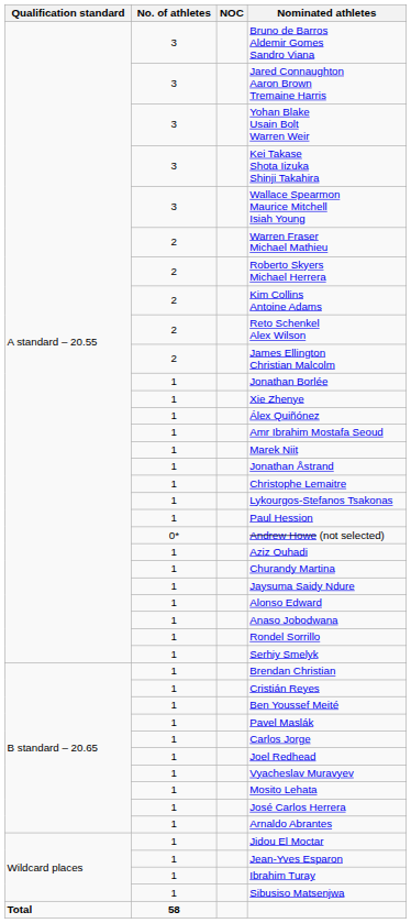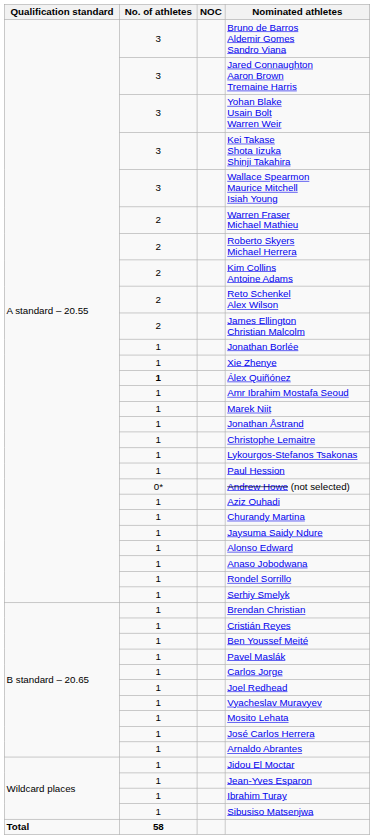 <table class="wikitable"  style="text-align:left; width:600px;">
 <tr>
 <th>Qualification standard</th>
 <th>No. of athletes</th>
 <th>NOC</th>
 <th>Nominated athletes</th>
 </tr>
 <tr>
 <td rowspan="27">A standard – 20.55</td>
 <td align=center>3</td>
 <td></td>
 <td><a href='#'>Bruno de Barros</a><br><a href='#'>Aldemir Gomes</a><br><a href='#'>Sandro Viana</a></td>
 </tr>
 <tr>
 <td align=center>3</td>
 <td></td>
 <td><a href='#'>Jared Connaughton</a><br><a href='#'>Aaron Brown</a><br><a href='#'>Tremaine Harris</a></td>
 </tr>
 <tr>
 <td align=center>3</td>
 <td></td>
 <td><a href='#'>Yohan Blake</a><br><a href='#'>Usain Bolt</a><br><a href='#'>Warren Weir</a></td>
 </tr>
 <tr>
 <td align=center>3</td>
 <td></td>
 <td><a href='#'>Kei Takase</a><br><a href='#'>Shota Iizuka</a><br><a href='#'>Shinji Takahira</a></td>
 </tr>
 <tr>
 <td align=center>3</td>
 <td></td>
 <td><a href='#'>Wallace Spearmon</a><br><a href='#'>Maurice Mitchell</a><br><a href='#'>Isiah Young</a></td>
 </tr>
 <tr>
 <td align=center>2</td>
 <td></td>
 <td><a href='#'>Warren Fraser</a><br><a href='#'>Michael Mathieu</a></td>
 </tr>
 <tr>
 <td align=center>2</td>
 <td></td>
 <td><a href='#'>Roberto Skyers</a><br><a href='#'>Michael Herrera</a></td>
 </tr>
 <tr>
 <td align=center>2</td>
 <td></td>
 <td><a href='#'>Kim Collins</a><br><a href='#'>Antoine Adams</a></td>
 </tr>
 <tr>
 <td align=center>2</td>
 <td></td>
 <td><a href='#'>Reto Schenkel</a><br><a href='#'>Alex Wilson</a></td>
 </tr>
 <tr>
 <td align=center>2</td>
 <td></td>
 <td><a href='#'>James Ellington</a><br><a href='#'>Christian Malcolm</a></td>
 </tr>
 <tr>
 <td align=center>1</td>
 <td></td>
 <td><a href='#'>Jonathan Borlée</a></td>
 </tr>
 <tr>
 <td align=center>1</td>
 <td></td>
 <td><a href='#'>Xie Zhenye</a></td>
 </tr>
 <tr>
-<td align=center>1</td>
+<td align=center><strong>1</strong></td>
 <td></td>
 <td><a href='#'>Álex Quiñónez</a></td>
 </tr>
 <tr>
 <td align=center>1</td>
 <td></td>
 <td><a href='#'>Amr Ibrahim Mostafa Seoud</a></td>
 </tr>
 <tr>
 <td align=center>1</td>
 <td></td>
 <td><a href='#'>Marek Niit</a></td>
 </tr>
 <tr>
 <td align=center>1</td>
 <td></td>
 <td><a href='#'>Jonathan Åstrand</a></td>
 </tr>
 <tr>
 <td align=center>1</td>
 <td></td>
 <td><a href='#'>Christophe Lemaitre</a></td>
 </tr>
 <tr>
 <td align=center>1</td>
 <td></td>
 <td><a href='#'>Lykourgos-Stefanos Tsakonas</a></td>
 </tr>
 <tr>
 <td align=center>1</td>
 <td></td>
 <td><a href='#'>Paul Hession</a></td>
 </tr>
 <tr>
 <td align=center>0*</td>
 <td></td>
 <td><s><a href='#'>Andrew Howe</a></s> (not selected)</td>
 </tr>
 <tr>
 <td align=center>1</td>
 <td></td>
 <td><a href='#'>Aziz Ouhadi</a></td>
 </tr>
 <tr>
 <td align=center>1</td>
 <td></td>
 <td><a href='#'>Churandy Martina</a></td>
 </tr>
 <tr>
 <td align=center>1</td>
 <td></td>
 <td><a href='#'>Jaysuma Saidy Ndure</a></td>
 </tr>
 <tr>
 <td align=center>1</td>
 <td></td>
 <td><a href='#'>Alonso Edward</a></td>
 </tr>
 <tr>
 <td align=center>1</td>
 <td></td>
 <td><a href='#'>Anaso Jobodwana</a></td>
 </tr>
 <tr>
 <td align=center>1</td>
 <td></td>
 <td><a href='#'>Rondel Sorrillo</a></td>
 </tr>
 <tr>
 <td align=center>1</td>
 <td></td>
 <td><a href='#'>Serhiy Smelyk</a></td>
 </tr>
 <tr>
 <td rowspan="10">B standard – 20.65</td>
 <td align=center>1</td>
 <td></td>
 <td><a href='#'>Brendan Christian</a></td>
 </tr>
 <tr>
 <td align=center>1</td>
 <td></td>
 <td><a href='#'>Cristián Reyes</a></td>
 </tr>
 <tr>
 <td align=center>1</td>
 <td></td>
 <td><a href='#'>Ben Youssef Meité</a></td>
 </tr>
 <tr>
 <td align=center>1</td>
 <td></td>
 <td><a href='#'>Pavel Maslák</a></td>
 </tr>
 <tr>
 <td align=center>1</td>
 <td></td>
 <td><a href='#'>Carlos Jorge</a></td>
 </tr>
 <tr>
 <td align=center>1</td>
 <td></td>
 <td><a href='#'>Joel Redhead</a></td>
 </tr>
 <tr>
 <td align=center>1</td>
 <td></td>
 <td><a href='#'>Vyacheslav Muravyev</a></td>
 </tr>
 <tr>
 <td align=center>1</td>
 <td></td>
 <td><a href='#'>Mosito Lehata</a></td>
 </tr>
 <tr>
 <td align=center>1</td>
 <td></td>
 <td><a href='#'>José Carlos Herrera</a></td>
 </tr>
 <tr>
 <td align=center>1</td>
 <td></td>
 <td><a href='#'>Arnaldo Abrantes</a></td>
 </tr>
 <tr>
 <td rowspan="4">Wildcard places</td>
 <td align=center>1</td>
 <td></td>
 <td><a href='#'>Jidou El Moctar</a></td>
 </tr>
 <tr>
 <td align=center>1</td>
 <td></td>
 <td><a href='#'>Jean-Yves Esparon</a></td>
 </tr>
 <tr>
 <td align=center>1</td>
 <td></td>
 <td><a href='#'>Ibrahim Turay</a></td>
 </tr>
 <tr>
 <td align=center>1</td>
 <td></td>
 <td><a href='#'>Sibusiso Matsenjwa</a></td>
 </tr>
 <tr>
 <td><strong>Total</strong></td>
 <td align=center><strong>58</strong></td>
 <td></td>
 <td></td>
 </tr>
 </table>
